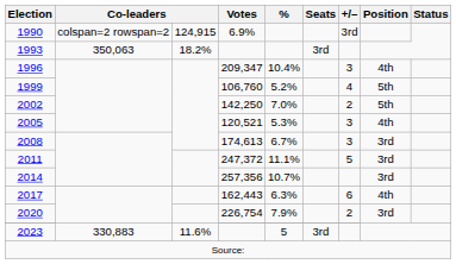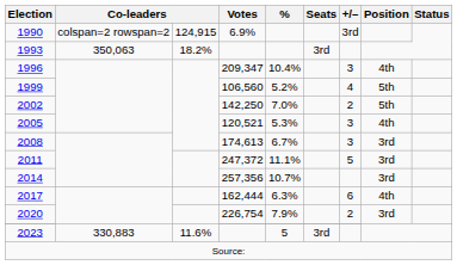 <table class=wikitable style="text-align: center;">
 <tr>
 <th>Election</th>
 <th colspan=2>Co-leaders</th>
 <th>Votes</th>
 <th>%</th>
 <th>Seats</th>
 <th>+/–</th>
 <th>Position</th>
 <th>Status</th>
 </tr>
 <tr>
 <td><a href='#'>1990</a></td>
 <td>colspan=2 rowspan=2 </td>
 <td>124,915</td>
 <td>6.9%</td>
 <td></td>
 <td></td>
 <td> 3rd</td>
 <td></td>
 </tr>
 <tr>
 <td><a href='#'>1993</a></td>
 <td>350,063</td>
 <td>18.2%</td>
 <td></td>
 <td></td>
 <td> 3rd</td>
 <td></td>
 </tr>
 <tr>
 <td><a href='#'>1996</a></td>
 <td rowspan=4></td>
 <td rowspan=5></td>
 <td>209,347</td>
 <td>10.4%</td>
 <td></td>
 <td> 3</td>
 <td> 4th</td>
 <td></td>
 </tr>
 <tr>
 <td><a href='#'>1999</a></td>
-<td>106,760</td>
+<td>106,560</td>
 <td>5.2%</td>
 <td></td>
 <td> 4</td>
 <td> 5th</td>
 <td></td>
 </tr>
 <tr>
 <td><a href='#'>2002</a></td>
 <td>142,250</td>
 <td>7.0%</td>
 <td></td>
 <td> 2</td>
 <td> 5th</td>
 <td></td>
 </tr>
 <tr>
 <td><a href='#'>2005</a></td>
 <td>120,521</td>
 <td>5.3%</td>
 <td></td>
 <td> 3</td>
 <td> 4th</td>
 <td></td>
 </tr>
 <tr>
 <td><a href='#'>2008</a></td>
 <td rowspan=3></td>
 <td>174,613</td>
 <td>6.7%</td>
 <td></td>
 <td> 3</td>
 <td> 3rd</td>
 <td></td>
 </tr>
 <tr>
 <td><a href='#'>2011</a></td>
 <td rowspan=2></td>
 <td>247,372</td>
 <td>11.1%</td>
 <td></td>
 <td> 5</td>
 <td> 3rd</td>
 <td></td>
 </tr>
 <tr>
 <td><a href='#'>2014</a></td>
 <td>257,356</td>
 <td>10.7%</td>
 <td></td>
 <td></td>
 <td> 3rd</td>
 <td></td>
 </tr>
 <tr>
 <td><a href='#'>2017</a></td>
 <td rowspan=3></td>
 <td></td>
-<td>162,443</td>
+<td>162,444</td>
 <td>6.3%</td>
 <td></td>
 <td> 6</td>
 <td> 4th</td>
 <td></td>
 </tr>
 <tr>
 <td><a href='#'>2020</a></td>
 <td rowspan=2></td>
 <td>226,754</td>
 <td>7.9%</td>
 <td></td>
 <td> 2</td>
 <td> 3rd</td>
 <td></td>
 </tr>
 <tr>
 </tr>
 <tr>
 <td><a href='#'>2023</a></td>
 <td>330,883</td>
 <td>11.6%</td>
 <td></td>
 <td> 5</td>
 <td> 3rd</td>
 <td></td>
 </tr>
 <tr>
 <td colspan=9><small>Source: </small></td>
 </tr>
 </table>
